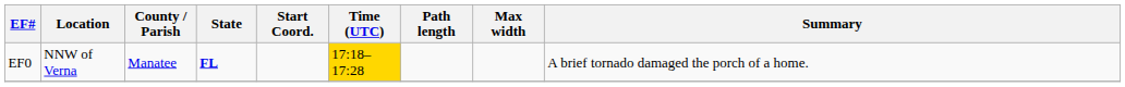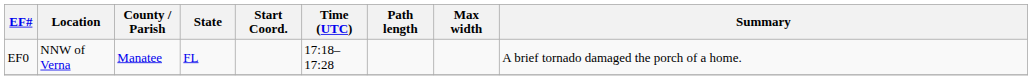 <table class="wikitable sortable" style="width:100%;">
 <tr>
 <th scope="col"  style="width:3%; text-align:center;"><a href='#'>EF#</a></th>
 <th scope="col"  style="width:7%; text-align:center;" class="unsortable">Location</th>
 <th scope="col"  style="width:6%; text-align:center;" class="unsortable">County / Parish</th>
 <th scope="col"  style="width:5%; text-align:center;">State</th>
 <th scope="col"  style="width:6%; text-align:center;">Start Coord.</th>
 <th scope="col"  style="width:6%; text-align:center;">Time (<a href='#'>UTC</a>)</th>
 <th scope="col"  style="width:6%; text-align:center;">Path length</th>
 <th scope="col"  style="width:6%; text-align:center;">Max width</th>
 <th scope="col" class="unsortable" style="width:48%; text-align:center;">Summary</th>
 </tr>
 <tr>
 <td>EF0</td>
 <td>NNW of <a href='#'>Verna</a></td>
 <td><a href='#'>Manatee</a></td>
-<td><strong><a href='#'>FL</a></strong></td>
+<td><a href='#'>FL</a></td>
 <td></td>
-<td style="background: gold;">17:18–17:28</td>
+<td>17:18–17:28</td>
 <td></td>
 <td></td>
 <td>A brief tornado damaged the porch of a home.</td>
 </tr>
 <tr>
 </tr>
 </table>
